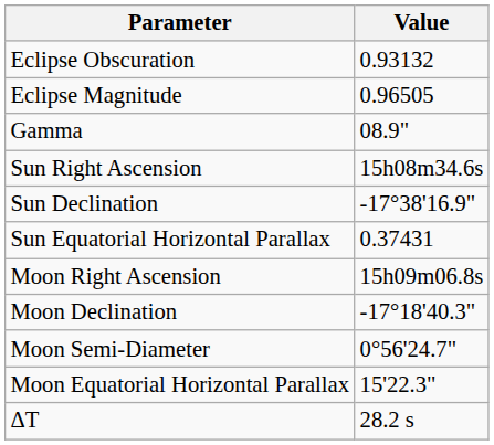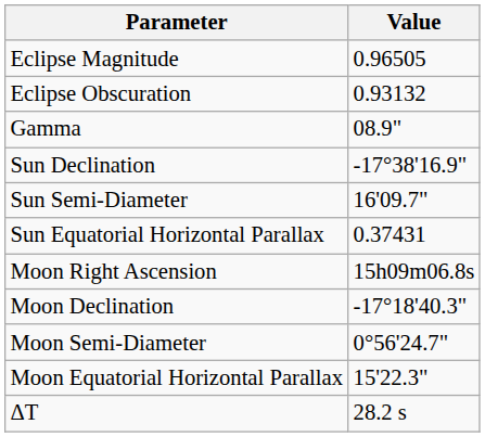 <table class="wikitable">
 <tr>
 <th>Parameter</th>
 <th>Value</th>
 </tr>
 <tr>
+<td>Eclipse Magnitude</td>
+<td>0.96505</td>
+</tr>
+<tr>
 <td>Eclipse Obscuration</td>
 <td>0.93132</td>
-</tr>
-<tr>
-<td>Eclipse Magnitude</td>
-<td>0.96505</td>
 </tr>
 <tr>
 <td>Gamma</td>
 <td>08.9"</td>
 </tr>
 <tr>
-<td>Sun Right Ascension</td>
-<td>15h08m34.6s</td>
+<td>Sun Declination</td>
+<td>-17°38'16.9"</td>
 </tr>
 <tr>
-<td>Sun Declination</td>
-<td>-17°38'16.9"</td>
+<td>Sun Semi-Diameter</td>
+<td>16'09.7"</td>
 </tr>
 <tr>
 <td>Sun Equatorial Horizontal Parallax</td>
 <td>0.37431</td>
 </tr>
 <tr>
 <td>Moon Right Ascension</td>
 <td>15h09m06.8s</td>
 </tr>
 <tr>
 <td>Moon Declination</td>
 <td>-17°18'40.3"</td>
 </tr>
 <tr>
 <td>Moon Semi-Diameter</td>
 <td>0°56'24.7"</td>
 </tr>
 <tr>
 <td>Moon Equatorial Horizontal Parallax</td>
 <td>15'22.3"</td>
 </tr>
 <tr>
 <td>ΔT</td>
 <td>28.2 s</td>
 </tr>
 </table>
